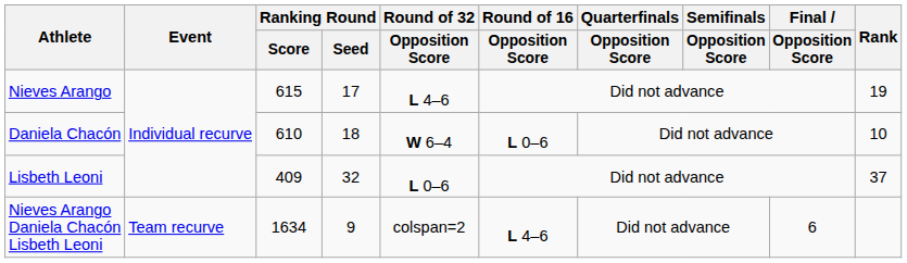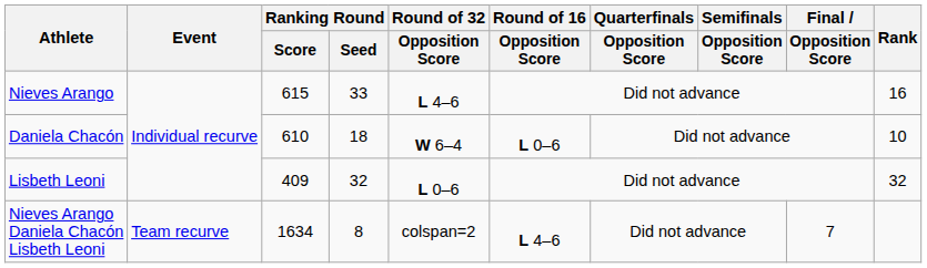 <table class="wikitable" style="font-size:90%">
 <tr>
 <th rowspan="2">Athlete</th>
 <th rowspan="2">Event</th>
 <th colspan="2">Ranking Round</th>
 <th>Round of 32</th>
 <th>Round of 16</th>
 <th>Quarterfinals</th>
 <th>Semifinals</th>
 <th>Final / </th>
 <th rowspan="2">Rank</th>
 </tr>
 <tr style="font-size:95%">
 <th>Score</th>
 <th>Seed</th>
 <th>Opposition<br>Score</th>
 <th>Opposition<br>Score</th>
 <th>Opposition<br>Score</th>
 <th>Opposition<br>Score</th>
 <th>Opposition<br>Score</th>
 </tr>
 <tr align=center>
 <td align=left><a href='#'>Nieves Arango</a></td>
 <td align=left rowspan=3><a href='#'>Individual recurve</a></td>
 <td>615</td>
-<td>17</td>
+<td>33</td>
 <td><br><strong>L</strong> 4–6</td>
 <td colspan=4>Did not advance</td>
-<td>19</td>
+<td>16</td>
 </tr>
 <tr align=center>
 <td align=left><a href='#'>Daniela Chacón</a></td>
 <td>610</td>
 <td>18</td>
 <td><br><strong>W</strong> 6–4</td>
 <td><br><strong>L</strong> 0–6</td>
 <td colspan=3>Did not advance</td>
 <td>10</td>
 </tr>
 <tr align=center>
 <td align=left><a href='#'>Lisbeth Leoni</a></td>
 <td>409</td>
 <td>32</td>
 <td><br><strong>L</strong> 0–6</td>
 <td colspan=4>Did not advance</td>
-<td>37</td>
+<td>32</td>
 </tr>
 <tr align=center>
 <td align=left><a href='#'>Nieves Arango</a><br><a href='#'>Daniela Chacón</a><br><a href='#'>Lisbeth Leoni</a></td>
 <td align=left><a href='#'>Team recurve</a></td>
 <td>1634</td>
-<td>9</td>
+<td>8</td>
 <td>colspan=2 </td>
 <td><br><strong>L</strong> 4–6</td>
 <td colspan=2>Did not advance</td>
-<td>6</td>
+<td>7</td>
 </tr>
 </table>
